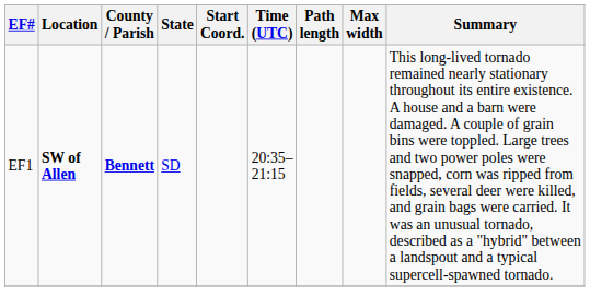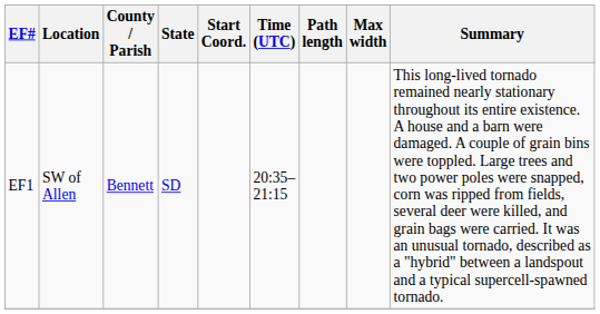 <table class="wikitable sortable" style="width:100%;">
 <tr>
 <th scope="col" style="width:3%; text-align:center;"><a href='#'>EF#</a></th>
 <th scope="col" style="width:7%; text-align:center;" class="unsortable">Location</th>
 <th scope="col" style="width:6%; text-align:center;" class="unsortable">County / Parish</th>
 <th scope="col" style="width:5%; text-align:center;">State</th>
 <th scope="col" style="width:6%; text-align:center;">Start Coord.</th>
 <th scope="col" style="width:6%; text-align:center;">Time (<a href='#'>UTC</a>)</th>
 <th scope="col" style="width:6%; text-align:center;">Path length</th>
 <th scope="col" style="width:6%; text-align:center;">Max width</th>
 <th scope="col" class="unsortable" style="width:48%; text-align:center;">Summary</th>
 </tr>
 <tr>
 <td bgcolor=>EF1</td>
-<td><strong>SW of <a href='#'>Allen</a></strong></td>
-<td><strong><a href='#'>Bennett</a></strong></td>
+<td>SW of <a href='#'>Allen</a></td>
+<td><a href='#'>Bennett</a></td>
 <td><a href='#'>SD</a></td>
 <td></td>
 <td>20:35–21:15</td>
 <td></td>
 <td></td>
 <td>This long-lived tornado remained nearly stationary throughout its entire existence. A house and a barn were damaged. A couple of grain bins were toppled. Large trees and two power poles were snapped, corn was ripped from fields, several deer were killed, and grain bags were carried. It was an unusual tornado, described as a "hybrid" between a landspout and a typical supercell-spawned tornado.</td>
 </tr>
 <tr>
 </tr>
 </table>
